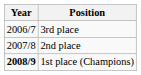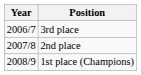 <table class="wikitable">
 <tr>
 <th>Year</th>
 <th>Position</th>
 </tr>
 <tr>
 <td>2006/7</td>
 <td>3rd place</td>
 </tr>
 <tr>
 <td>2007/8</td>
 <td>2nd place</td>
 </tr>
 <tr>
-<td><strong>2008/9</strong></td>
+<td>2008/9</td>
 <td>1st place (Champions)</td>
 </tr>
 </table>
